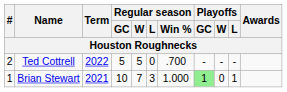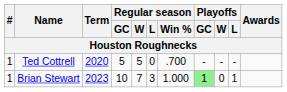 <table class="wikitable" style="text-align:center">
 <tr>
 <th rowspan="2">#</th>
 <th rowspan="2">Name</th>
 <th rowspan="2">Term</th>
 <th colspan="4">Regular season</th>
 <th colspan="3">Playoffs</th>
 <th rowspan="2">Awards</th>
 </tr>
 <tr>
 <th>GC</th>
 <th>W</th>
 <th>L</th>
 <th>Win %</th>
 <th>GC</th>
 <th>W</th>
 <th>L</th>
 </tr>
 <tr>
 <th colspan="11">Houston Roughnecks</th>
 </tr>
 <tr>
-<td>2</td>
+<td>1</td>
 <td><a href='#'>Ted Cottrell</a></td>
-<td><a href='#'>2022</a></td>
+<td><a href='#'>2020</a></td>
 <td>5</td>
 <td>5</td>
 <td>0</td>
 <td>.700</td>
 <td>-</td>
 <td>-</td>
 <td>-</td>
 <td></td>
 </tr>
 <tr>
 <td>1</td>
 <td><a href='#'>Brian Stewart</a></td>
-<td><a href='#'>2021</a></td>
+<td><a href='#'>2023</a></td>
 <td>10</td>
 <td>7</td>
 <td>3</td>
 <td>1.000</td>
 <td style="background: lightgreen;">1</td>
 <td>0</td>
 <td>1</td>
 <td></td>
 </tr>
 </table>
